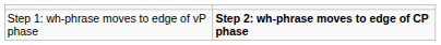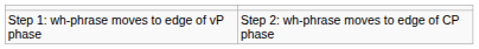 <table class="wikitable">
 <tr>
 <td></td>
 <td></td>
 </tr>
 <tr>
 <td>Step 1: wh-phrase moves to edge of vP phase</td>
-<td><strong>Step 2: wh-phrase moves to edge of CP phase</strong></td>
+<td>Step 2: wh-phrase moves to edge of CP phase</td>
 </tr>
 </table>
